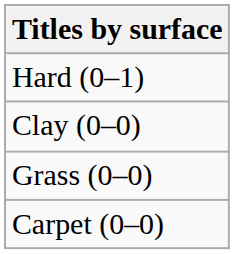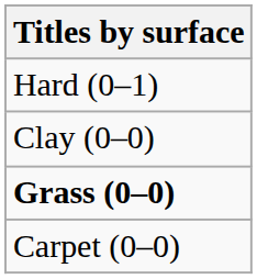 <table class=wikitable style=font-size:97%>
 <tr>
 <th>Titles by surface</th>
 </tr>
 <tr>
 <td>Hard (0–1)</td>
 </tr>
 <tr>
 <td>Clay (0–0)</td>
 </tr>
 <tr>
-<td>Grass (0–0)</td>
+<td><strong>Grass (0–0)</strong></td>
 </tr>
 <tr>
 <td>Carpet (0–0)</td>
 </tr>
 </table>
